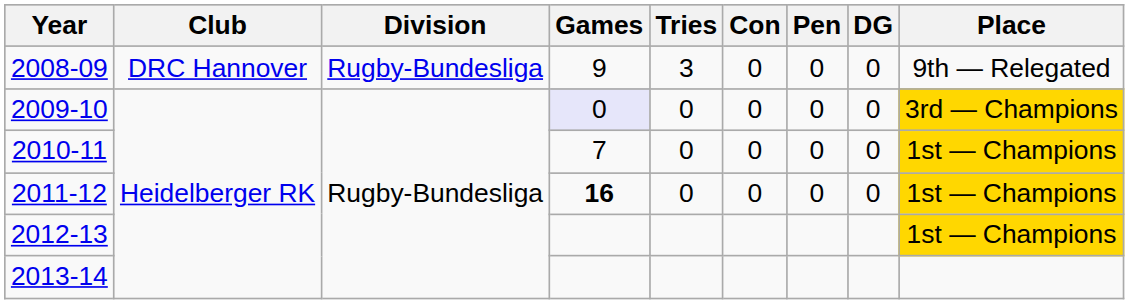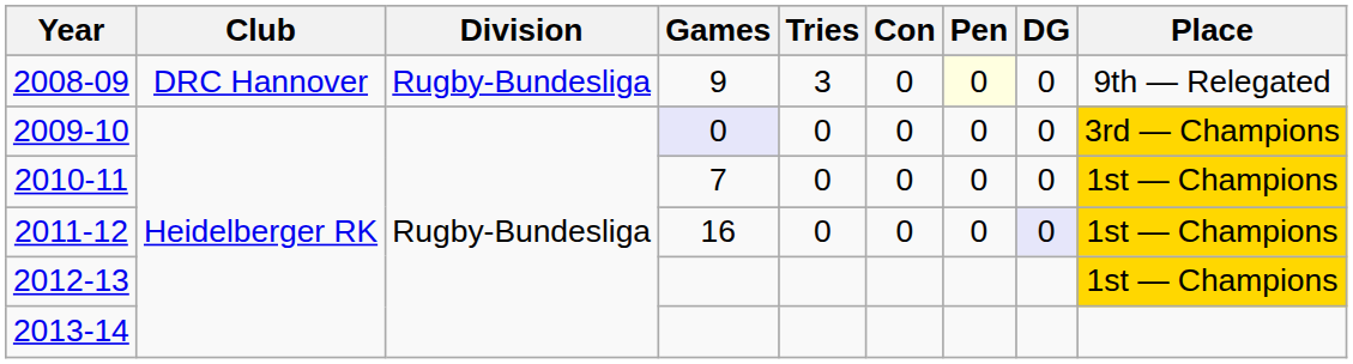 <table class="wikitable">
 <tr>
 <th>Year</th>
 <th>Club</th>
 <th>Division</th>
 <th>Games</th>
 <th>Tries</th>
 <th>Con</th>
 <th>Pen</th>
 <th>DG</th>
 <th>Place</th>
 </tr>
 <tr align="center">
 <td><a href='#'>2008-09</a></td>
 <td><a href='#'>DRC Hannover</a></td>
 <td><a href='#'>Rugby-Bundesliga</a></td>
 <td>9</td>
 <td>3</td>
 <td>0</td>
-<td>0</td>
+<td style="background: lightyellow;">0</td>
 <td>0</td>
 <td>9th — Relegated</td>
 </tr>
 <tr align="center">
 <td><a href='#'>2009-10</a></td>
 <td rowspan=5><a href='#'>Heidelberger RK</a></td>
 <td rowspan=5>Rugby-Bundesliga</td>
 <td style="background: lavender;">0</td>
 <td>0</td>
 <td>0</td>
 <td>0</td>
 <td>0</td>
 <td bgcolor="#FFD700">3rd — Champions</td>
 </tr>
 <tr align="center">
 <td><a href='#'>2010-11</a></td>
 <td>7</td>
 <td>0</td>
 <td>0</td>
 <td>0</td>
 <td>0</td>
 <td bgcolor="#FFD700">1st — Champions</td>
 </tr>
 <tr align="center">
 <td><a href='#'>2011-12</a></td>
-<td><strong>16</strong></td>
+<td>16</td>
 <td>0</td>
 <td>0</td>
 <td>0</td>
-<td>0</td>
+<td style="background: lavender;">0</td>
 <td bgcolor="#FFD700">1st — Champions</td>
 </tr>
 <tr align="center">
 <td><a href='#'>2012-13</a></td>
 <td></td>
 <td></td>
 <td></td>
 <td></td>
 <td></td>
 <td bgcolor="#FFD700">1st — Champions</td>
 </tr>
 <tr align="center">
 <td><a href='#'>2013-14</a></td>
 <td></td>
 <td></td>
 <td></td>
 <td></td>
 <td></td>
 <td></td>
 </tr>
 </table>
